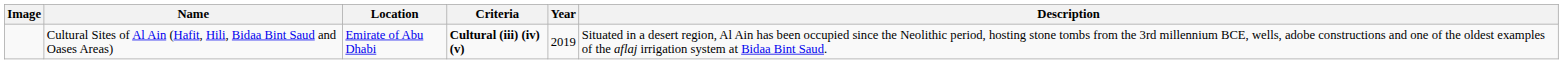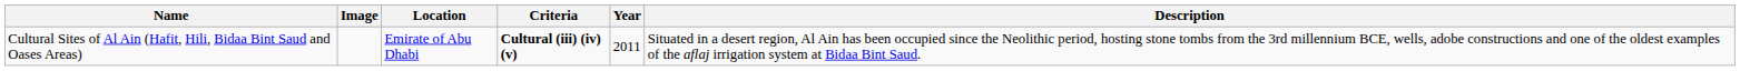 <table class="wikitable sortable">
 <tr>
+<th>Name</th>
 <th>Image</th>
-<th>Name</th>
 <th>Location</th>
 <th>Criteria</th>
 <th>Year</th>
 <th><strong>Description</strong></th>
 </tr>
 <tr>
+<td>Cultural Sites of <a href='#'>Al Ain</a> (<a href='#'>Hafit</a>, <a href='#'>Hili</a>, <a href='#'>Bidaa Bint Saud</a> and Oases Areas)</td>
 <td></td>
-<td>Cultural Sites of <a href='#'>Al Ain</a> (<a href='#'>Hafit</a>, <a href='#'>Hili</a>, <a href='#'>Bidaa Bint Saud</a> and Oases Areas)</td>
 <td><a href='#'>Emirate of Abu Dhabi</a><br></td>
 <td><strong>Cultural (iii) (iv) (v)</strong></td>
-<td>2019</td>
+<td>2011</td>
 <td>Situated in a desert region, Al Ain has been occupied since the Neolithic period, hosting stone tombs from the 3rd millennium BCE, wells, adobe constructions and one of the oldest examples of the <em>aflaj</em> irrigation system at <a href='#'>Bidaa Bint Saud</a>.</td>
 </tr>
 </table>
